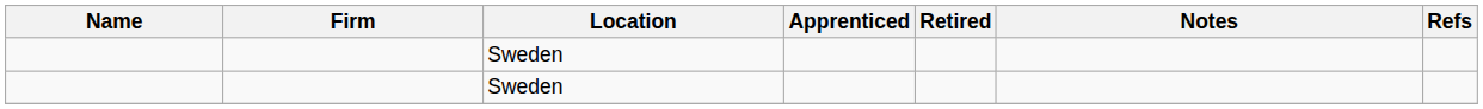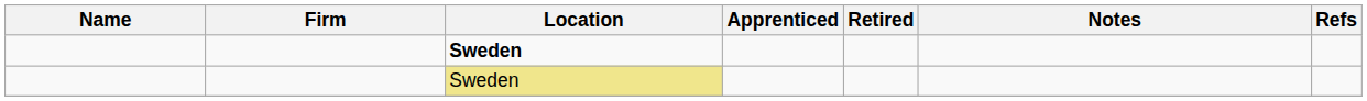 <table class="sortable wikitable sort-under">
 <tr>
 <th style="width:10em;">Name</th>
 <th style="width:12em;">Firm</th>
 <th style="width:14em;">Location</th>
 <th style="width:1.5em;">Apprenticed</th>
 <th style="width:1.5em;">Retired</th>
 <th style="width:20em;" class=unsortable>Notes</th>
 <th style="width: 1em;" class=unsortable>Refs</th>
 </tr>
 <tr>
 <td></td>
 <td></td>
-<td>Sweden</td>
+<td><strong>Sweden</strong></td>
 <td></td>
 <td></td>
 <td></td>
 <td></td>
 </tr>
 <tr>
 <td></td>
 <td></td>
-<td>Sweden</td>
+<td style="background: khaki;">Sweden</td>
 <td></td>
 <td></td>
 <td></td>
 <td></td>
 </tr>
 <tr>
 </tr>
 </table>
